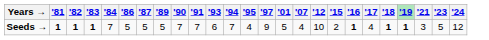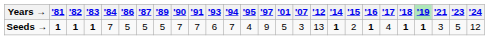 <table class="wikitable">
 <tr>
 <th>Years →</th>
 <th><a href='#'>'81</a></th>
 <th><a href='#'>'82</a></th>
 <th><a href='#'>'83</a></th>
 <th><a href='#'>'84</a></th>
 <th><a href='#'>'86</a></th>
 <th><a href='#'>'87</a></th>
 <th><a href='#'>'89</a></th>
 <th><a href='#'>'90</a></th>
 <th><a href='#'>'91</a></th>
 <th><a href='#'>'93</a></th>
 <th><a href='#'>'94</a></th>
 <th><a href='#'>'95</a></th>
 <th><a href='#'>'97</a></th>
 <th><a href='#'>'01</a></th>
 <th><a href='#'>'07</a></th>
 <th><a href='#'>'12</a></th>
+<th><a href='#'>'14</a></th>
 <th><a href='#'>'15</a></th>
 <th><a href='#'>'16</a></th>
 <th><a href='#'>'17</a></th>
 <th><a href='#'>'18</a></th>
 <th style="background: #afe6ba;"><a href='#'>'19</a></th>
 <th><a href='#'>'21</a></th>
 <th><a href='#'>'23</a></th>
 <th><a href='#'>'24</a></th>
 </tr>
 <tr align=center>
 <td style="text-align:left; "><strong>Seeds →</strong></td>
 <td><strong>1</strong></td>
 <td><strong>1</strong></td>
 <td><strong>1</strong></td>
 <td>7</td>
 <td>5</td>
 <td>5</td>
 <td>5</td>
 <td>7</td>
 <td>7</td>
 <td>6</td>
 <td>7</td>
 <td>4</td>
 <td>9</td>
 <td>5</td>
-<td>4</td>
-<td>10</td>
+<td>3</td>
+<td>13</td>
+<td><strong>1</strong></td>
 <td>2</td>
 <td><strong>1</strong></td>
 <td>4</td>
 <td><strong>1</strong></td>
 <td><strong>1</strong></td>
 <td>3</td>
 <td>5</td>
 <td>12</td>
 </tr>
 </table>
